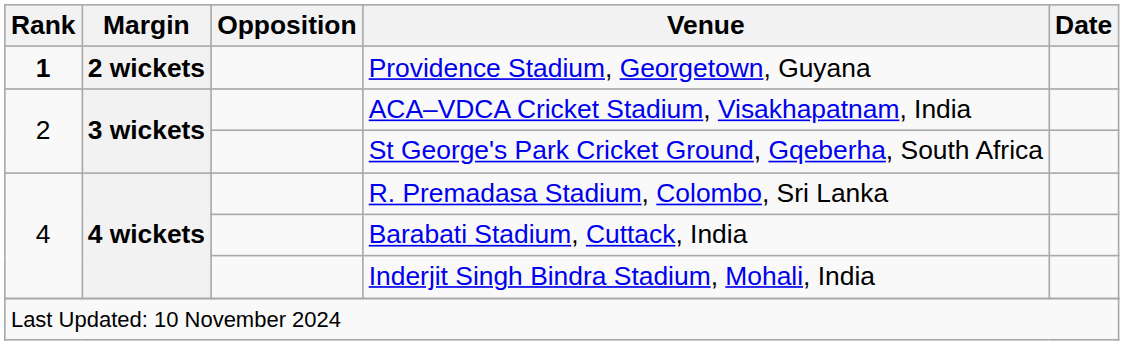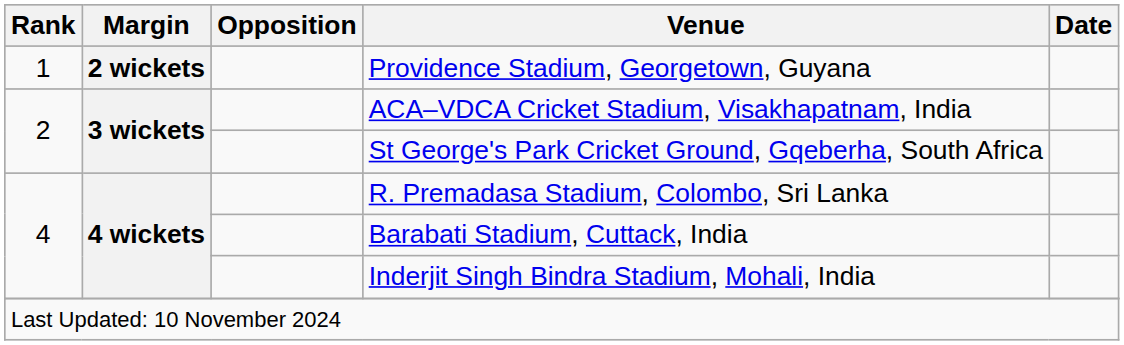 <table class="wikitable sortable">
 <tr>
 <th scope=col>Rank</th>
 <th scope=col>Margin</th>
 <th scope=col>Opposition</th>
 <th scope=col>Venue</th>
 <th scope=col>Date</th>
 </tr>
 <tr>
-<td align=center><strong>1</strong></td>
+<td align=center>1</td>
 <th scope=row style=text-align:center>2 wickets</th>
 <td></td>
 <td><a href='#'>Providence Stadium</a>, <a href='#'>Georgetown</a>, Guyana</td>
 <td></td>
 </tr>
 <tr>
 <td align=center rowspan=2>2</td>
 <th scope=row style=text-align:center rowspan=2>3 wickets</th>
 <td></td>
 <td><a href='#'>ACA–VDCA Cricket Stadium</a>, <a href='#'>Visakhapatnam</a>, India</td>
 <td></td>
 </tr>
 <tr>
 <td></td>
 <td><a href='#'>St George's Park Cricket Ground</a>, <a href='#'>Gqeberha</a>, South Africa</td>
 <td></td>
 </tr>
 <tr>
 <td align=center rowspan=3>4</td>
 <th scope=row style=text-align:center rowspan=3>4 wickets</th>
 <td></td>
 <td><a href='#'>R. Premadasa Stadium</a>, <a href='#'>Colombo</a>, Sri Lanka</td>
 <td></td>
 </tr>
 <tr>
 <td></td>
 <td><a href='#'>Barabati Stadium</a>, <a href='#'>Cuttack</a>, India</td>
 <td></td>
 </tr>
 <tr>
 <td></td>
 <td><a href='#'>Inderjit Singh Bindra Stadium</a>, <a href='#'>Mohali</a>, India</td>
 <td></td>
 </tr>
 <tr>
 </tr>
 <tr class=sortbottom>
 <td colspan=5><small>Last Updated: 10 November 2024</small></td>
 </tr>
 </table>
